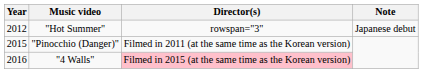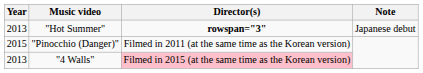 <table class="wikitable plainrowheaders" style="text-align:center">
 <tr>
 <th scope="col">Year</th>
 <th scope="col">Music video</th>
 <th scope="col">Director(s)</th>
 <th scope="col">Note</th>
 </tr>
 <tr>
-<td>2012</td>
+<td>2013</td>
 <td style="text-align:center">"Hot Summer"</td>
-<td>rowspan="3" </td>
+<td><strong>rowspan="3" </strong></td>
 <td style="text-align:center">Japanese debut </td>
 </tr>
 <tr>
 <td>2015</td>
 <td style="text-align:center">"Pinocchio (Danger)"</td>
 <td style="text-align:center">Filmed in 2011 (at the same time as the Korean version)</td>
 </tr>
 <tr>
-<td>2016</td>
+<td>2013</td>
 <td style="text-align:center">"4 Walls"</td>
 <td style="background: pink; text-align:center">Filmed in 2015 (at the same time as the Korean version)</td>
 </tr>
 </table>
